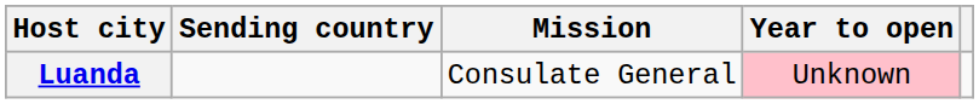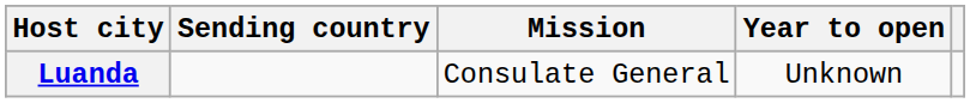 <table class="wikitable plainrowheaders">
 <tr>
 <th scope="col">Host city</th>
 <th scope="col">Sending country</th>
 <th scope="col">Mission</th>
 <th scope="col">Year to open</th>
 <th scope="col"></th>
 </tr>
 <tr>
 <th rowspan="8"><a href='#'>Luanda</a></th>
 <td></td>
 <td style="text-align:center;">Consulate General</td>
-<td style="background: pink; text-align:center;">Unknown</td>
+<td style="text-align:center;">Unknown</td>
 <td style="text-align:center;"></td>
 </tr>
 </table>
